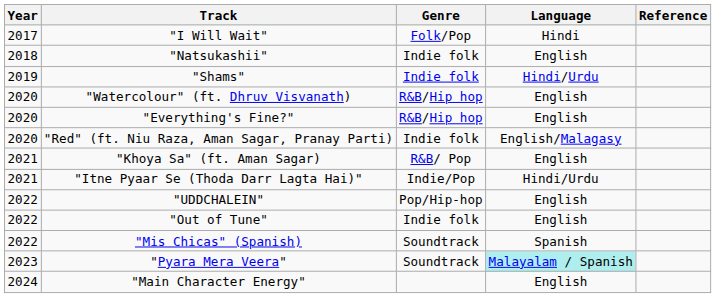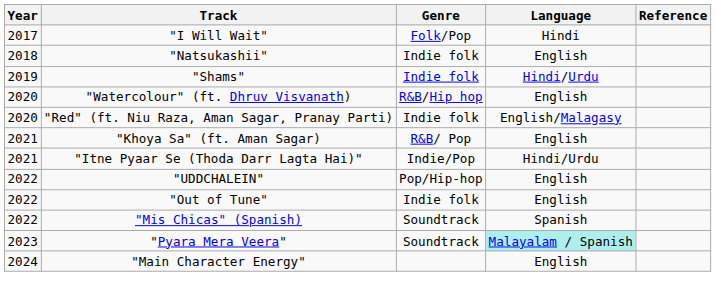 <table class="wikitable" style="text-align:center;">
 <tr style="background:#cfc;">
 <th>Year</th>
 <th>Track</th>
 <th>Genre</th>
 <th>Language</th>
 <th>Reference</th>
 </tr>
 <tr>
 <td>2017</td>
 <td>"I Will Wait"</td>
 <td><a href='#'>Folk</a>/Pop</td>
 <td>Hindi</td>
 <td></td>
 </tr>
 <tr>
 <td>2018</td>
 <td>"Natsukashii"</td>
 <td>Indie folk</td>
 <td>English</td>
 <td></td>
 </tr>
 <tr>
 <td>2019</td>
 <td>"Shams"</td>
 <td><a href='#'>Indie folk</a></td>
 <td><a href='#'>Hindi</a>/<a href='#'>Urdu</a></td>
 <td></td>
 </tr>
 <tr>
 <td>2020</td>
 <td>"Watercolour" (ft. <a href='#'>Dhruv Visvanath</a>)</td>
-<td><a href='#'>R&B</a>/<a href='#'>Hip hop</a></td>
-<td>English</td>
-<td></td>
-</tr>
-<tr>
-<td>2020</td>
-<td>"Everything's Fine?"</td>
 <td><a href='#'>R&B</a>/<a href='#'>Hip hop</a></td>
 <td>English</td>
 <td></td>
 </tr>
 <tr>
 <td>2020</td>
 <td>"Red" (ft. Niu Raza, Aman Sagar, Pranay Parti)</td>
 <td>Indie folk</td>
 <td>English/<a href='#'>Malagasy</a></td>
 <td></td>
 </tr>
 <tr>
 <td>2021</td>
 <td>"Khoya Sa" (ft. Aman Sagar)</td>
 <td><a href='#'>R&B</a>/ Pop</td>
 <td>English</td>
 <td></td>
 </tr>
 <tr>
 <td>2021</td>
 <td>"Itne Pyaar Se (Thoda Darr Lagta Hai)"</td>
 <td>Indie/Pop</td>
 <td>Hindi/Urdu</td>
 <td></td>
 </tr>
 <tr>
 <td>2022</td>
 <td>"UDDCHALEIN"</td>
 <td>Pop/Hip-hop</td>
 <td>English</td>
 <td></td>
 </tr>
 <tr>
 <td>2022</td>
 <td>"Out of Tune"</td>
 <td>Indie folk</td>
 <td>English</td>
 <td></td>
 </tr>
 <tr>
 <td>2022</td>
 <td><a href='#'>"Mis Chicas" (Spanish)</a></td>
 <td>Soundtrack</td>
 <td>Spanish</td>
 <td></td>
 </tr>
 <tr>
 <td>2023</td>
 <td>"<a href='#'>Pyara Mera Veera</a>"</td>
 <td>Soundtrack</td>
 <td style="background: paleturquoise;"><a href='#'>Malayalam</a> / Spanish</td>
 <td></td>
 </tr>
 <tr>
 <td>2024</td>
 <td>"Main Character Energy"</td>
 <td></td>
 <td>English</td>
 <td></td>
 </tr>
 </table>
